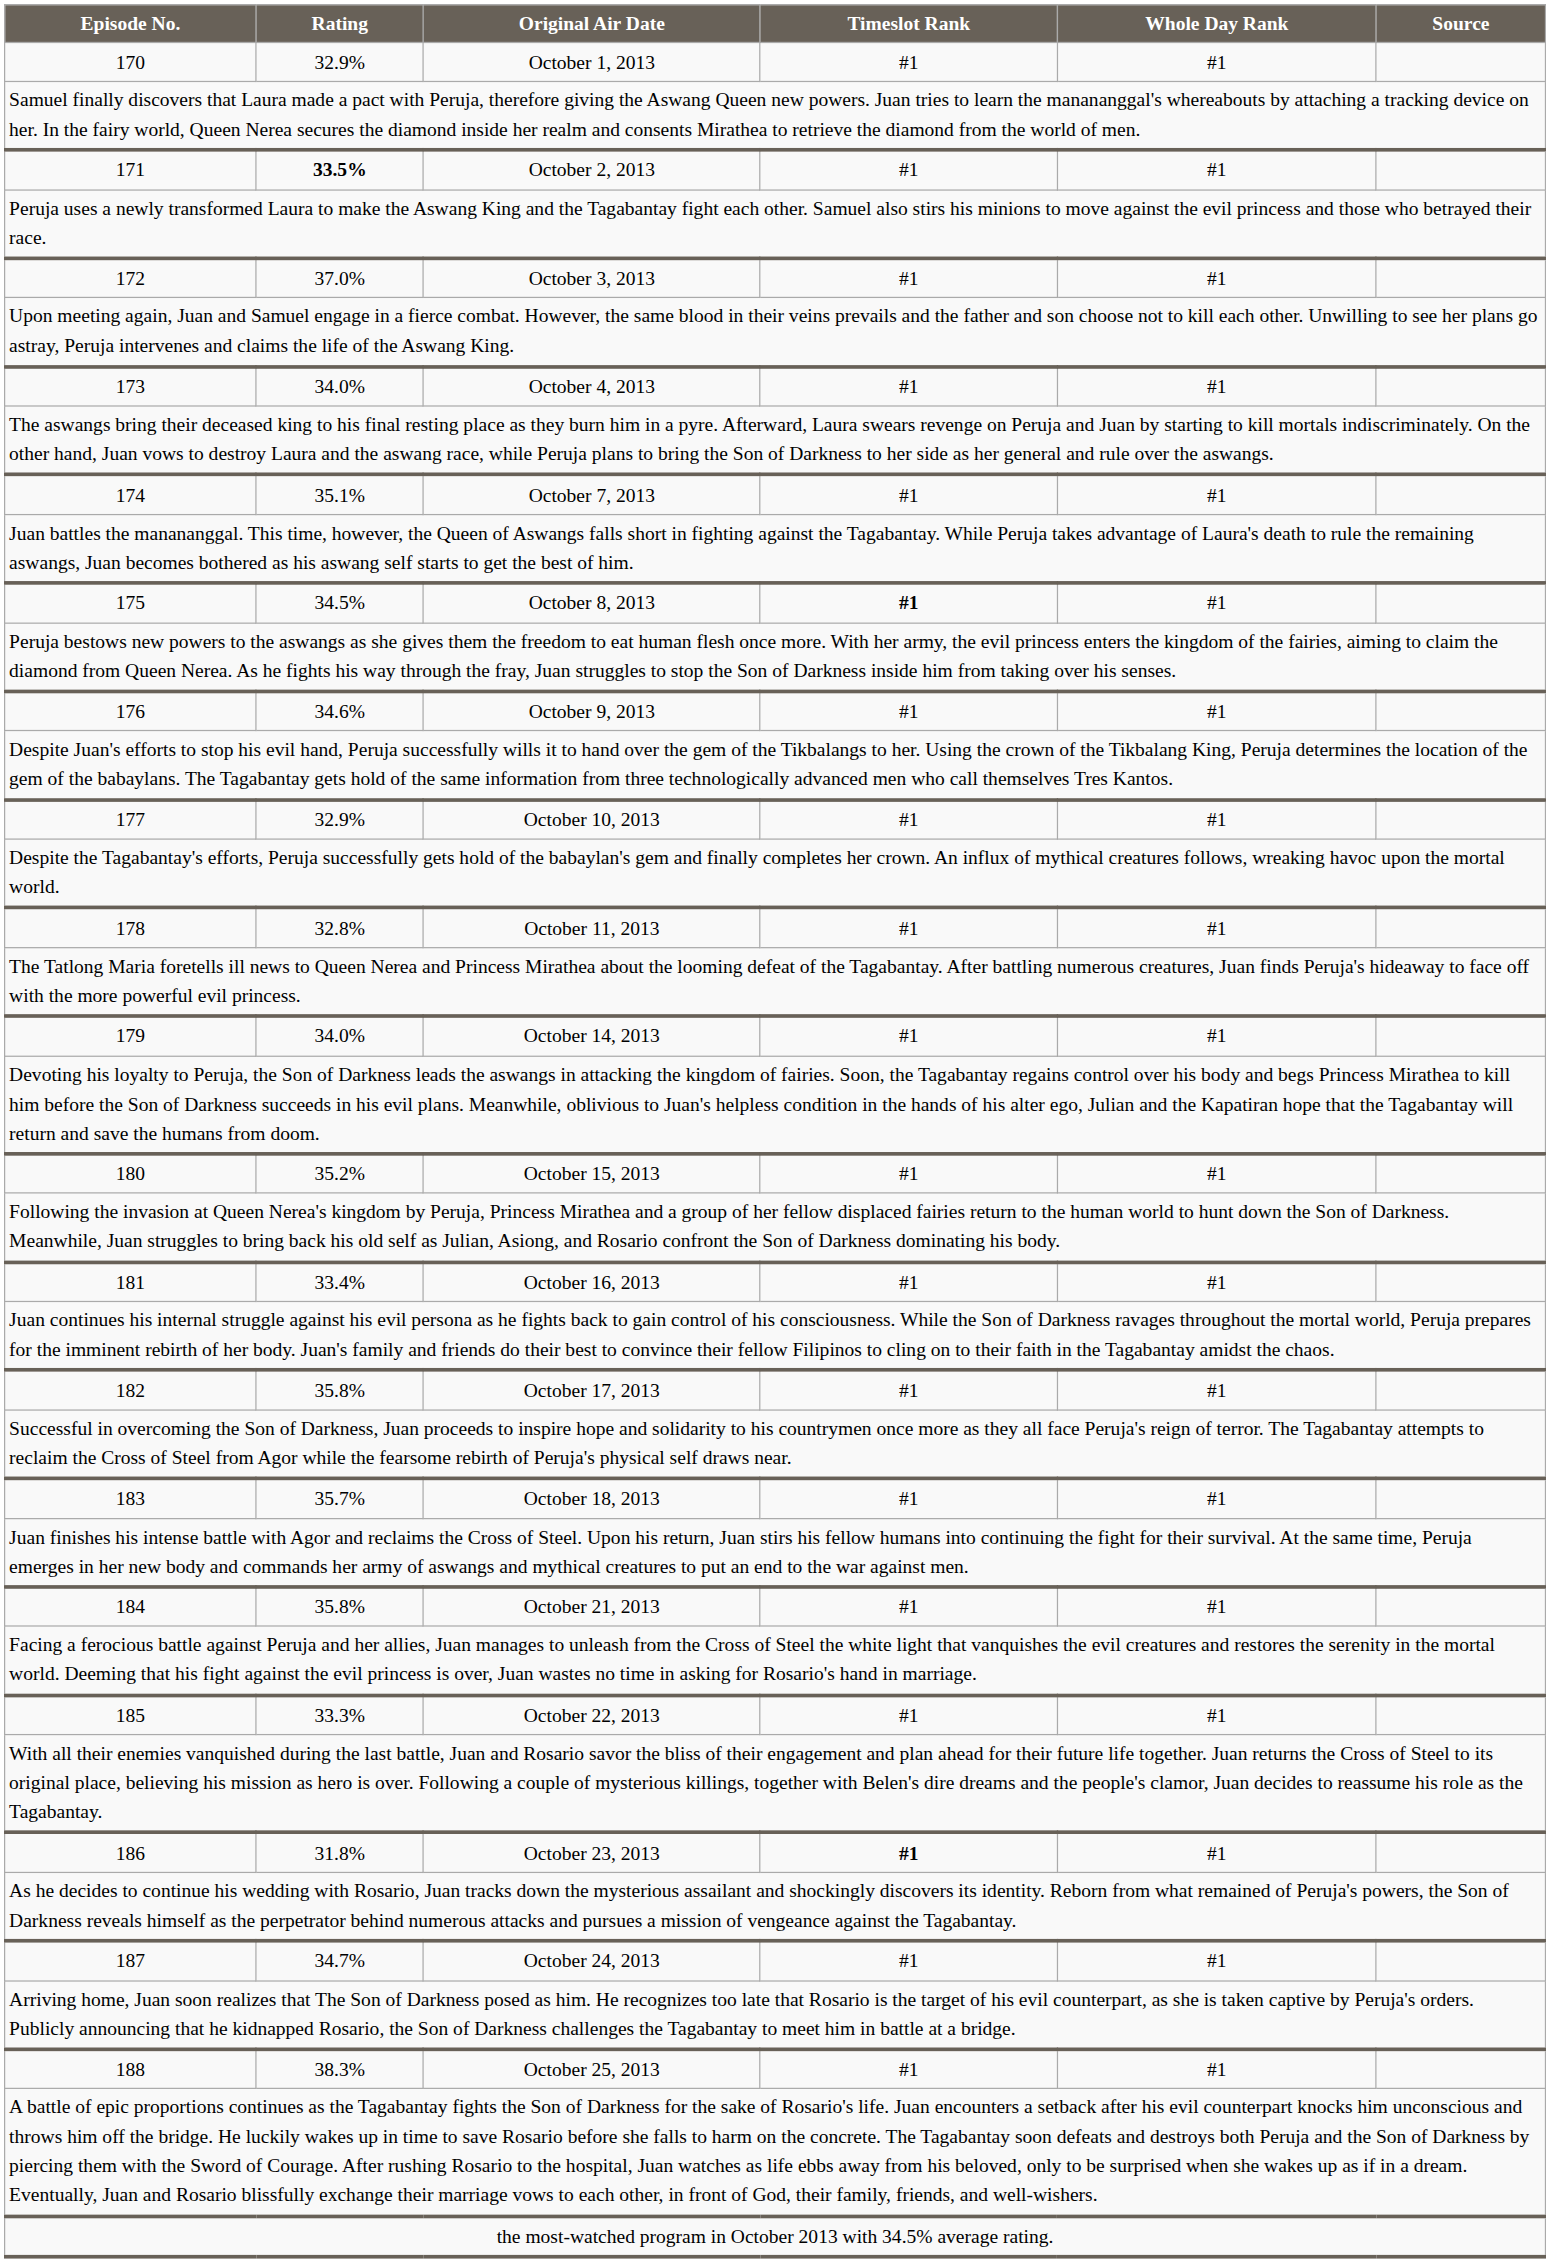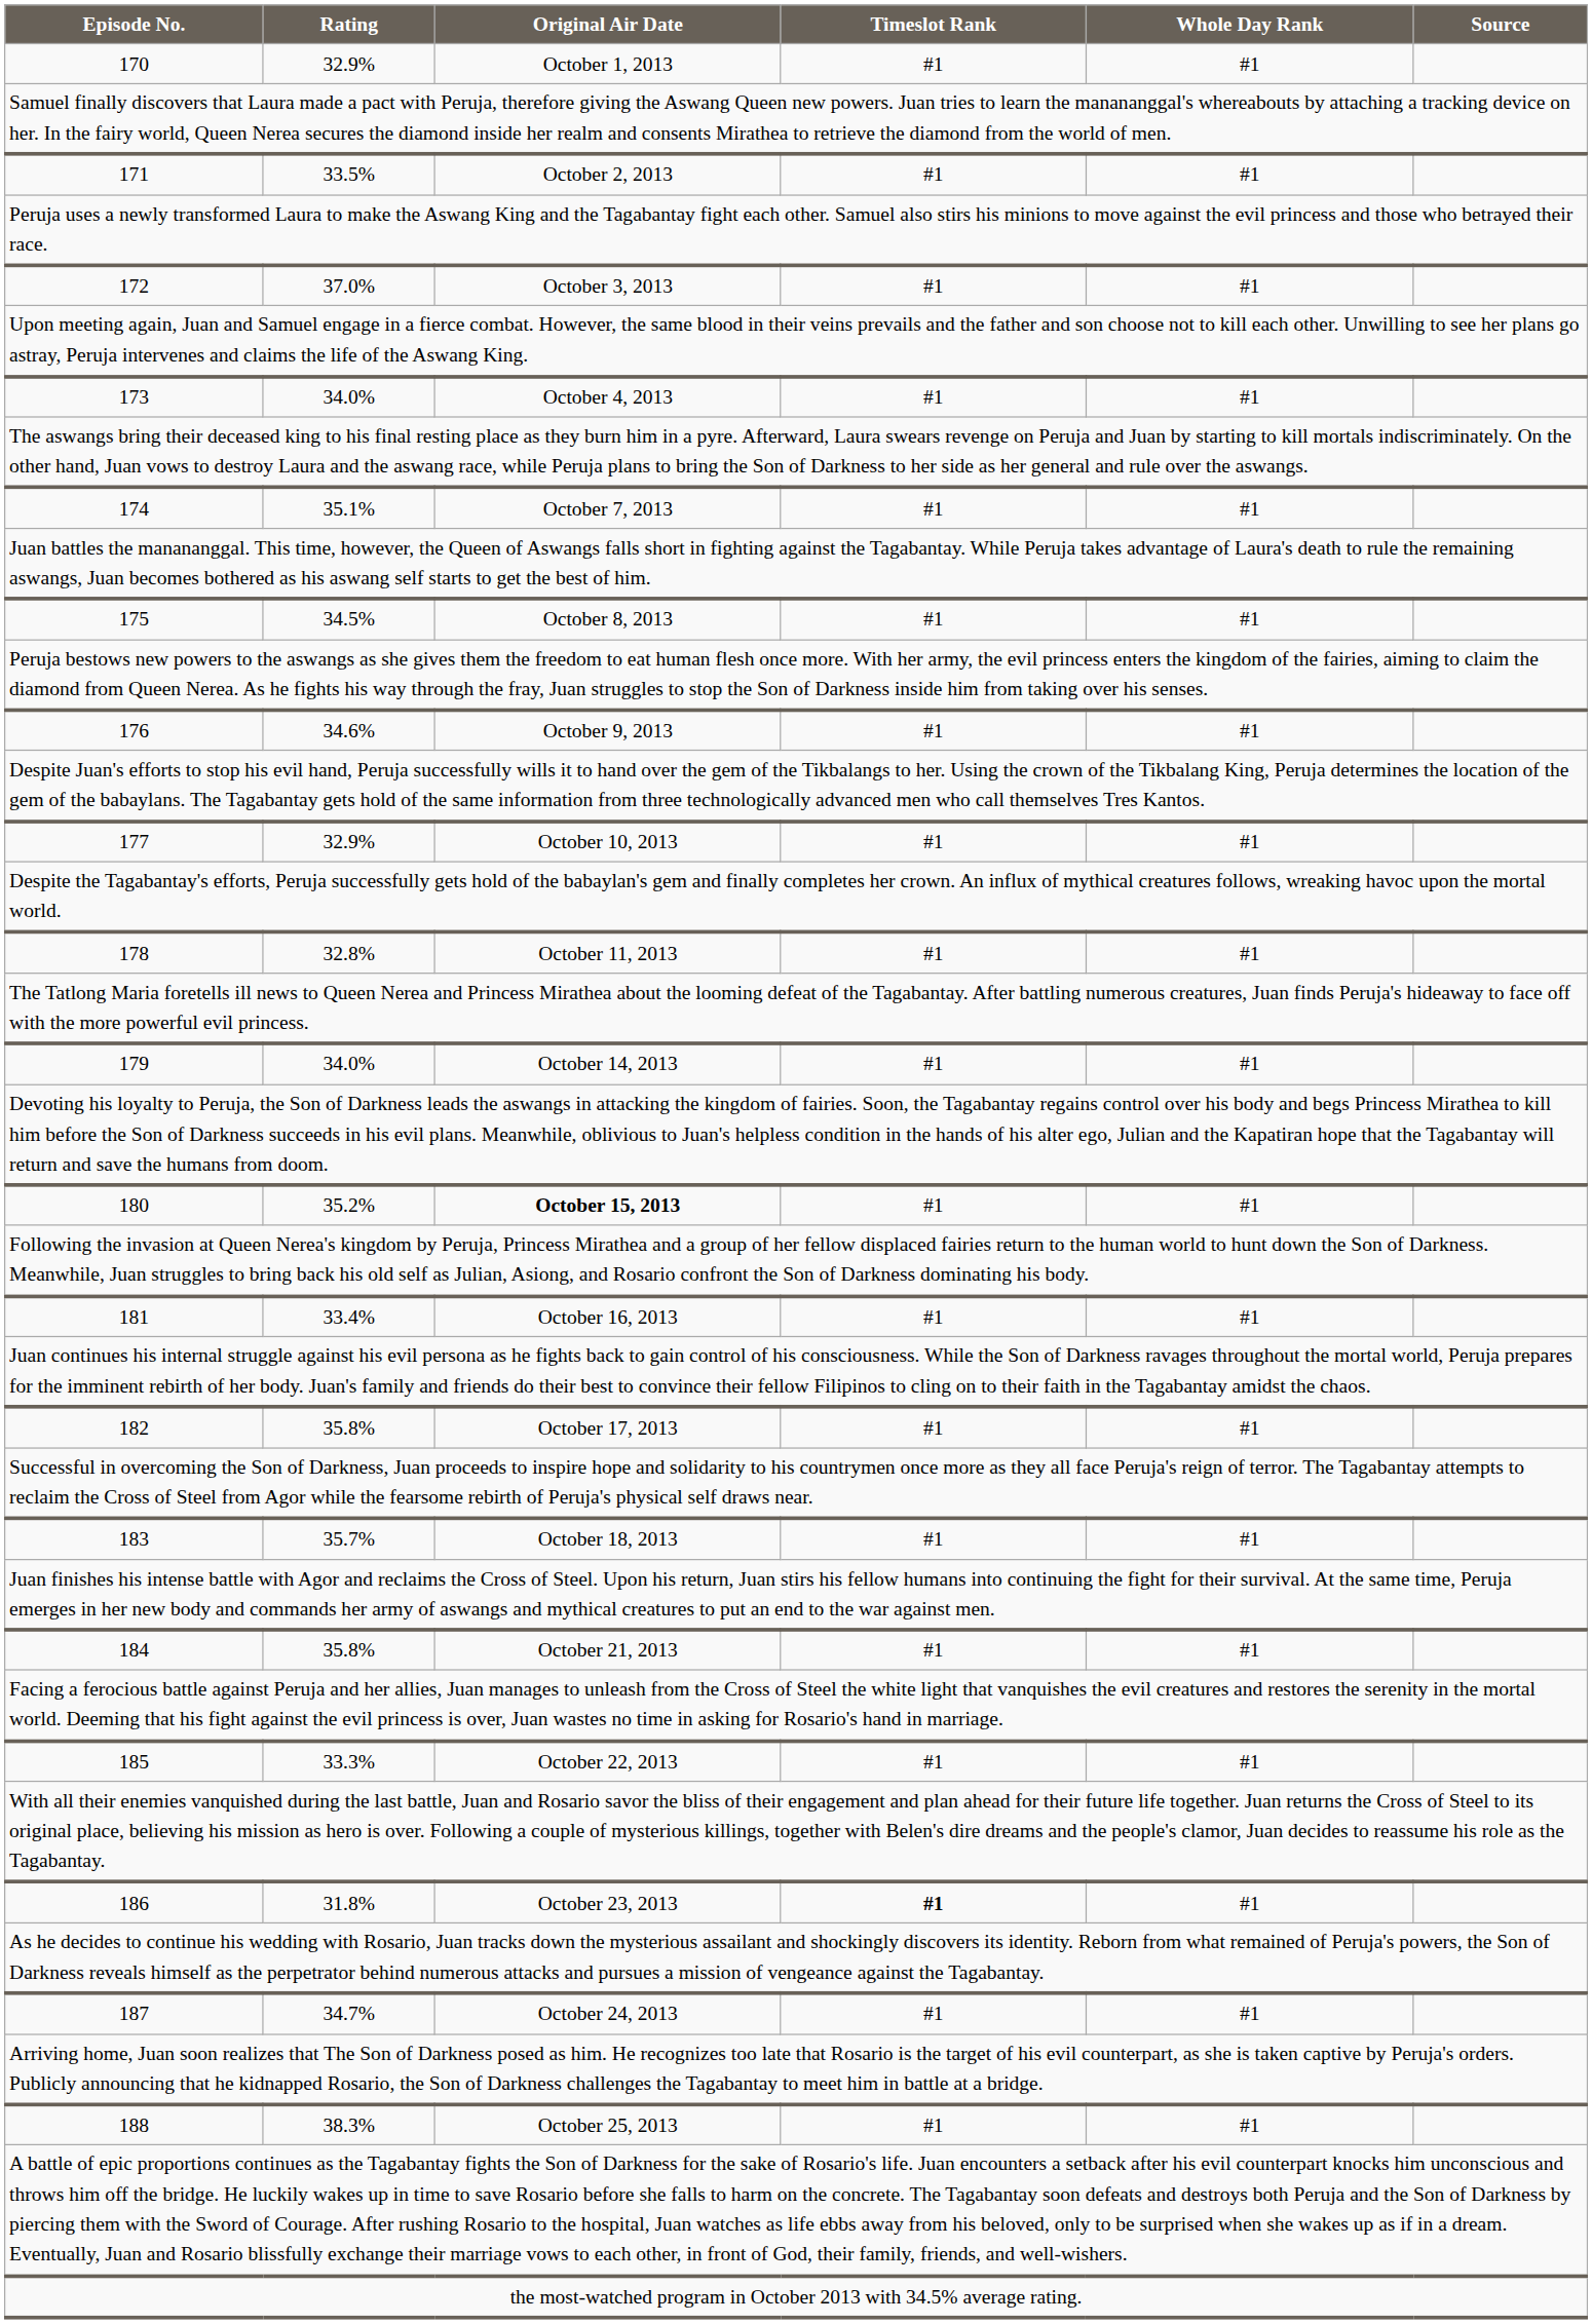 <table class="wikitable" style="text-align:center; background:#f9f9f9; line-height:16px; line-height:150%" width="100%">
 <tr style="color:white;">
 <th style="background:#686158;">Episode No.</th>
 <th style="background:#686158;">Rating</th>
 <th style="background:#686158;">Original Air Date</th>
 <th style="background:#686158;">Timeslot Rank</th>
 <th style="background:#686158;">Whole Day Rank</th>
 <th style="background:#686158;">Source</th>
 </tr>
 <tr>
 <td>170</td>
 <td>32.9%</td>
 <td>October 1, 2013</td>
 <td>#1</td>
 <td>#1</td>
 <td></td>
 </tr>
 <tr>
 <td colspan = "6" style="text-align: left; border-bottom: 3px solid #686158;">Samuel finally discovers that Laura made a pact with Peruja, therefore giving the Aswang Queen new powers. Juan tries to learn the manananggal's whereabouts by attaching a tracking device on her. In the fairy world, Queen Nerea secures the diamond inside her realm and consents Mirathea to retrieve the diamond from the world of men.</td>
 </tr>
 <tr>
 <td>171</td>
-<td><strong>33.5%</strong></td>
+<td>33.5%</td>
 <td>October 2, 2013</td>
 <td>#1</td>
 <td>#1</td>
 <td></td>
 </tr>
 <tr>
 <td colspan = "6" style="text-align: left; border-bottom: 3px solid #686158;">Peruja uses a newly transformed Laura to make the Aswang King and the Tagabantay fight each other. Samuel also stirs his minions to move against the evil princess and those who betrayed their race.</td>
 </tr>
 <tr>
 <td>172</td>
 <td>37.0%</td>
 <td>October 3, 2013</td>
 <td>#1</td>
 <td>#1</td>
 <td></td>
 </tr>
 <tr>
 <td colspan = "6" style="text-align: left; border-bottom: 3px solid #686158;">Upon meeting again, Juan and Samuel engage in a fierce combat. However, the same blood in their veins prevails and the father and son choose not to kill each other. Unwilling to see her plans go astray, Peruja intervenes and claims the life of the Aswang King.</td>
 </tr>
 <tr>
 <td>173</td>
 <td>34.0%</td>
 <td>October 4, 2013</td>
 <td>#1</td>
 <td>#1</td>
 <td></td>
 </tr>
 <tr>
 <td colspan = "6" style="text-align: left; border-bottom: 3px solid #686158;">The aswangs bring their deceased king to his final resting place as they burn him in a pyre. Afterward, Laura swears revenge on Peruja and Juan by starting to kill mortals indiscriminately. On the other hand, Juan vows to destroy Laura and the aswang race, while Peruja plans to bring the Son of Darkness to her side as her general and rule over the aswangs.</td>
 </tr>
 <tr>
 <td>174</td>
 <td>35.1%</td>
 <td>October 7, 2013</td>
 <td>#1</td>
 <td>#1</td>
 <td></td>
 </tr>
 <tr>
 <td colspan = "6" style="text-align: left; border-bottom: 3px solid #686158;">Juan battles the manananggal. This time, however, the Queen of Aswangs falls short in fighting against the Tagabantay. While Peruja takes advantage of Laura's death to rule the remaining aswangs, Juan becomes bothered as his aswang self starts to get the best of him.</td>
 </tr>
 <tr>
 <td>175</td>
 <td>34.5%</td>
 <td>October 8, 2013</td>
-<td><strong>#1</strong></td>
+<td>#1</td>
 <td>#1</td>
 <td></td>
 </tr>
 <tr>
 <td colspan = "6" style="text-align: left; border-bottom: 3px solid #686158;">Peruja bestows new powers to the aswangs as she gives them the freedom to eat human flesh once more. With her army, the evil princess enters the kingdom of the fairies, aiming to claim the diamond from Queen Nerea. As he fights his way through the fray, Juan struggles to stop the Son of Darkness inside him from taking over his senses.</td>
 </tr>
 <tr>
 <td>176</td>
 <td>34.6%</td>
 <td>October 9, 2013</td>
 <td>#1</td>
 <td>#1</td>
 <td></td>
 </tr>
 <tr>
 <td colspan = "6" style="text-align: left; border-bottom: 3px solid #686158;">Despite Juan's efforts to stop his evil hand, Peruja successfully wills it to hand over the gem of the Tikbalangs to her. Using the crown of the Tikbalang King, Peruja determines the location of the gem of the babaylans. The Tagabantay gets hold of the same information from three technologically advanced men who call themselves Tres Kantos.</td>
 </tr>
 <tr>
 <td>177</td>
 <td>32.9%</td>
 <td>October 10, 2013</td>
 <td>#1</td>
 <td>#1</td>
 <td></td>
 </tr>
 <tr>
 <td colspan = "6" style="text-align: left; border-bottom: 3px solid #686158;">Despite the Tagabantay's efforts, Peruja successfully gets hold of the babaylan's gem and finally completes her crown. An influx of mythical creatures follows, wreaking havoc upon the mortal world.</td>
 </tr>
 <tr>
 <td>178</td>
 <td>32.8%</td>
 <td>October 11, 2013</td>
 <td>#1</td>
 <td>#1</td>
 <td></td>
 </tr>
 <tr>
 <td colspan = "6" style="text-align: left; border-bottom: 3px solid #686158;">The Tatlong Maria foretells ill news to Queen Nerea and Princess Mirathea about the looming defeat of the Tagabantay. After battling numerous creatures, Juan finds Peruja's hideaway to face off with the more powerful evil princess.</td>
 </tr>
 <tr>
 <td>179</td>
 <td>34.0%</td>
 <td>October 14, 2013</td>
 <td>#1</td>
 <td>#1</td>
 <td></td>
 </tr>
 <tr>
 <td colspan = "6" style="text-align: left; border-bottom: 3px solid #686158;">Devoting his loyalty to Peruja, the Son of Darkness leads the aswangs in attacking the kingdom of fairies. Soon, the Tagabantay regains control over his body and begs Princess Mirathea to kill him before the Son of Darkness succeeds in his evil plans. Meanwhile, oblivious to Juan's helpless condition in the hands of his alter ego, Julian and the Kapatiran hope that the Tagabantay will return and save the humans from doom.</td>
 </tr>
 <tr>
 <td>180</td>
 <td>35.2%</td>
-<td>October 15, 2013</td>
+<td><strong>October 15, 2013</strong></td>
 <td>#1</td>
 <td>#1</td>
 <td></td>
 </tr>
 <tr>
 <td colspan = "6" style="text-align: left; border-bottom: 3px solid #686158;">Following the invasion at Queen Nerea's kingdom by Peruja, Princess Mirathea and a group of her fellow displaced fairies return to the human world to hunt down the Son of Darkness. Meanwhile, Juan struggles to bring back his old self as Julian, Asiong, and Rosario confront the Son of Darkness dominating his body.</td>
 </tr>
 <tr>
 <td>181</td>
 <td>33.4%</td>
 <td>October 16, 2013</td>
 <td>#1</td>
 <td>#1</td>
 <td></td>
 </tr>
 <tr>
 <td colspan = "6" style="text-align: left; border-bottom: 3px solid #686158;">Juan continues his internal struggle against his evil persona as he fights back to gain control of his consciousness. While the Son of Darkness ravages throughout the mortal world, Peruja prepares for the imminent rebirth of her body. Juan's family and friends do their best to convince their fellow Filipinos to cling on to their faith in the Tagabantay amidst the chaos.</td>
 </tr>
 <tr>
 <td>182</td>
 <td>35.8%</td>
 <td>October 17, 2013</td>
 <td>#1</td>
 <td>#1</td>
 <td></td>
 </tr>
 <tr>
 <td colspan = "6" style="text-align: left; border-bottom: 3px solid #686158;">Successful in overcoming the Son of Darkness, Juan proceeds to inspire hope and solidarity to his countrymen once more as they all face Peruja's reign of terror. The Tagabantay attempts to reclaim the Cross of Steel from Agor while the fearsome rebirth of Peruja's physical self draws near.</td>
 </tr>
 <tr>
 <td>183</td>
 <td>35.7%</td>
 <td>October 18, 2013</td>
 <td>#1</td>
 <td>#1</td>
 <td></td>
 </tr>
 <tr>
 <td colspan = "6" style="text-align: left; border-bottom: 3px solid #686158;">Juan finishes his intense battle with Agor and reclaims the Cross of Steel. Upon his return, Juan stirs his fellow humans into continuing the fight for their survival. At the same time, Peruja emerges in her new body and commands her army of aswangs and mythical creatures to put an end to the war against men.</td>
 </tr>
 <tr>
 <td>184</td>
 <td>35.8%</td>
 <td>October 21, 2013</td>
 <td>#1</td>
 <td>#1</td>
 <td></td>
 </tr>
 <tr>
 <td colspan = "6" style="text-align: left; border-bottom: 3px solid #686158;">Facing a ferocious battle against Peruja and her allies, Juan manages to unleash from the Cross of Steel the white light that vanquishes the evil creatures and restores the serenity in the mortal world. Deeming that his fight against the evil princess is over, Juan wastes no time in asking for Rosario's hand in marriage.</td>
 </tr>
 <tr>
 <td>185</td>
 <td>33.3%</td>
 <td>October 22, 2013</td>
 <td>#1</td>
 <td>#1</td>
 <td></td>
 </tr>
 <tr>
 <td colspan = "6" style="text-align: left; border-bottom: 3px solid #686158;">With all their enemies vanquished during the last battle, Juan and Rosario savor the bliss of their engagement and plan ahead for their future life together. Juan returns the Cross of Steel to its original place, believing his mission as hero is over. Following a couple of mysterious killings, together with Belen's dire dreams and the people's clamor, Juan decides to reassume his role as the Tagabantay.</td>
 </tr>
 <tr>
 <td>186</td>
 <td>31.8%</td>
 <td>October 23, 2013</td>
 <td><strong>#1</strong></td>
 <td>#1</td>
 <td></td>
 </tr>
 <tr>
 <td colspan = "6" style="text-align: left; border-bottom: 3px solid #686158;">As he decides to continue his wedding with Rosario, Juan tracks down the mysterious assailant and shockingly discovers its identity. Reborn from what remained of Peruja's powers, the Son of Darkness reveals himself as the perpetrator behind numerous attacks and pursues a mission of vengeance against the Tagabantay.</td>
 </tr>
 <tr>
 <td>187</td>
 <td>34.7%</td>
 <td>October 24, 2013</td>
 <td>#1</td>
 <td>#1</td>
 <td></td>
 </tr>
 <tr>
 <td colspan = "6" style="text-align: left; border-bottom: 3px solid #686158;">Arriving home, Juan soon realizes that The Son of Darkness posed as him. He recognizes too late that Rosario is the target of his evil counterpart, as she is taken captive by Peruja's orders. Publicly announcing that he kidnapped Rosario, the Son of Darkness challenges the Tagabantay to meet him in battle at a bridge.</td>
 </tr>
 <tr>
 <td>188</td>
 <td>38.3%</td>
 <td>October 25, 2013</td>
 <td>#1</td>
 <td>#1</td>
 <td></td>
 </tr>
 <tr>
 <td colspan = "6" style="text-align: left; border-bottom: 3px solid #686158;">A battle of epic proportions continues as the Tagabantay fights the Son of Darkness for the sake of Rosario's life. Juan encounters a setback after his evil counterpart knocks him unconscious and throws him off the bridge. He luckily wakes up in time to save Rosario before she falls to harm on the concrete. The Tagabantay soon defeats and destroys both Peruja and the Son of Darkness by piercing them with the Sword of Courage. After rushing Rosario to the hospital, Juan watches as life ebbs away from his beloved, only to be surprised when she wakes up as if in a dream. Eventually, Juan and Rosario blissfully exchange their marriage vows to each other, in front of God, their family, friends, and well-wishers.</td>
 </tr>
 <tr>
 <td colspan = "6" style="text-align: center; border-bottom: 3px solid #686158;">the most-watched program in October 2013 with 34.5% average rating.</td>
 </tr>
 </table>
